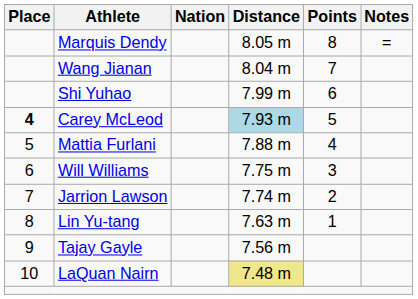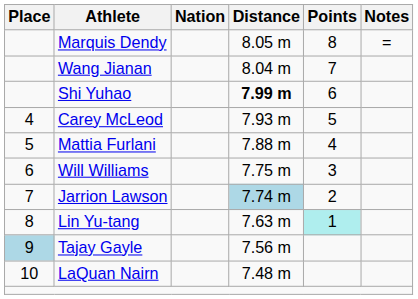 <table class="wikitable mw-datatable sortable" style="text-align:center;">
 <tr>
 <th scope="col">Place</th>
 <th scope="col">Athlete</th>
 <th scope="col">Nation</th>
 <th scope="col">Distance</th>
 <th scope="col">Points</th>
 <th scope="col">Notes</th>
 </tr>
 <tr>
 <td></td>
 <td align="left"><a href='#'>Marquis Dendy</a></td>
 <td align="left"></td>
 <td>8.05 m </td>
 <td>8</td>
 <td>=</td>
 </tr>
 <tr>
 <td></td>
 <td align="left"><a href='#'>Wang Jianan</a></td>
 <td align="left"></td>
 <td>8.04 m </td>
 <td>7</td>
 <td></td>
 </tr>
 <tr>
 <td></td>
 <td align="left"><a href='#'>Shi Yuhao</a></td>
 <td align="left"></td>
-<td>7.99 m </td>
+<td><strong>7.99 m </strong></td>
 <td>6</td>
 <td></td>
 </tr>
 <tr>
-<td><strong>4</strong></td>
+<td>4</td>
 <td align="left"><a href='#'>Carey McLeod</a></td>
 <td align="left"></td>
-<td style="background: lightblue;">7.93 m </td>
+<td>7.93 m </td>
 <td>5</td>
 <td></td>
 </tr>
 <tr>
 <td>5</td>
 <td align="left"><a href='#'>Mattia Furlani</a></td>
 <td align="left"></td>
 <td>7.88 m </td>
 <td>4</td>
 <td></td>
 </tr>
 <tr>
 <td>6</td>
 <td align="left"><a href='#'>Will Williams</a></td>
 <td align="left"></td>
 <td>7.75 m </td>
 <td>3</td>
 <td></td>
 </tr>
 <tr>
 <td>7</td>
 <td align="left"><a href='#'>Jarrion Lawson</a></td>
 <td align="left"></td>
-<td>7.74 m </td>
+<td style="background: lightblue;">7.74 m </td>
 <td>2</td>
 <td></td>
 </tr>
 <tr>
 <td>8</td>
 <td align="left"><a href='#'>Lin Yu-tang</a></td>
 <td align="left"></td>
 <td>7.63 m </td>
-<td>1</td>
+<td style="background: paleturquoise;">1</td>
 <td></td>
 </tr>
 <tr>
-<td>9</td>
+<td style="background: lightblue;">9</td>
 <td align="left"><a href='#'>Tajay Gayle</a></td>
 <td align="left"></td>
 <td>7.56 m </td>
 <td></td>
 <td></td>
 </tr>
 <tr>
 <td>10</td>
 <td align="left"><a href='#'>LaQuan Nairn</a></td>
 <td align="left"></td>
-<td style="background: khaki;">7.48 m </td>
+<td>7.48 m </td>
 <td></td>
 <td></td>
 </tr>
 <tr class="sortbottom">
 <td colspan="6"></td>
 </tr>
 </table>
